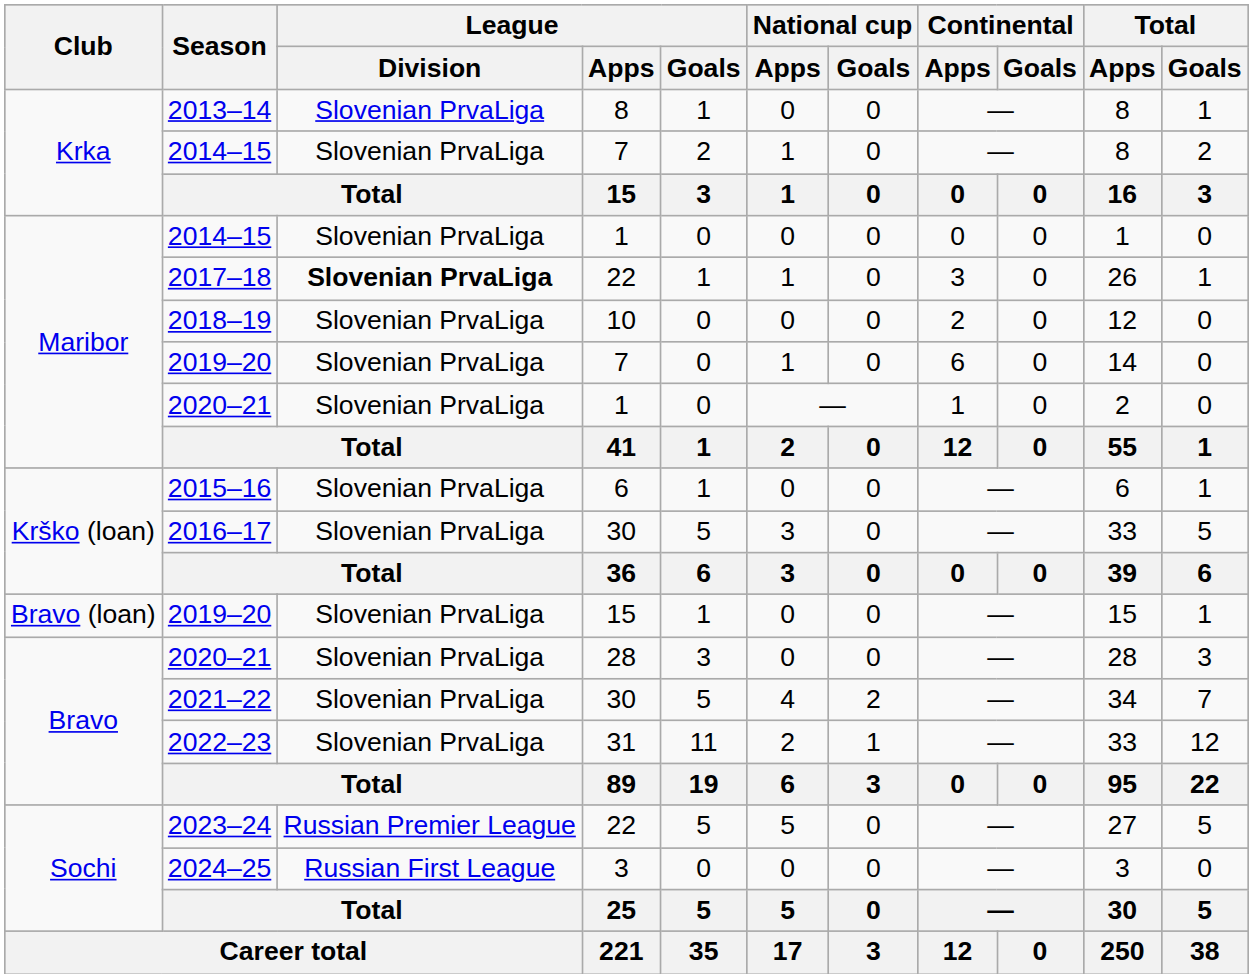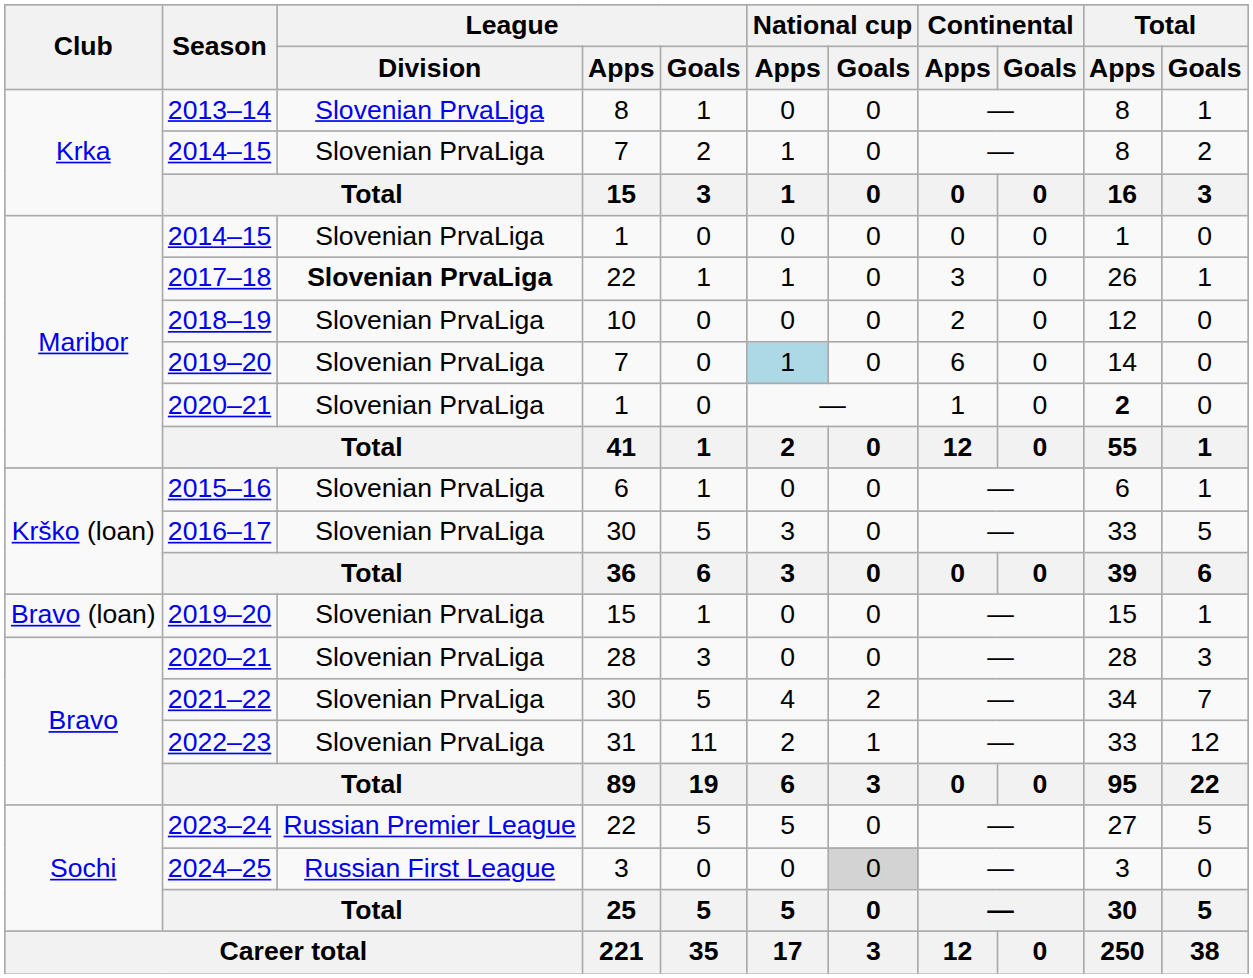 <table class="wikitable" style="text-align: center;">
 <tr>
 <th rowspan=2>Club</th>
 <th rowspan=2>Season</th>
 <th colspan=3>League</th>
 <th colspan=2>National cup</th>
 <th colspan=2>Continental</th>
 <th colspan=2>Total</th>
 </tr>
 <tr>
 <th>Division</th>
 <th>Apps</th>
 <th>Goals</th>
 <th>Apps</th>
 <th>Goals</th>
 <th>Apps</th>
 <th>Goals</th>
 <th>Apps</th>
 <th>Goals</th>
 </tr>
 <tr>
 <td rowspan="3"><a href='#'>Krka</a></td>
 <td><a href='#'>2013–14</a></td>
 <td><a href='#'>Slovenian PrvaLiga</a></td>
 <td>8</td>
 <td>1</td>
 <td>0</td>
 <td>0</td>
 <td colspan=2>—</td>
 <td>8</td>
 <td>1</td>
 </tr>
 <tr>
 <td><a href='#'>2014–15</a></td>
 <td>Slovenian PrvaLiga</td>
 <td>7</td>
 <td>2</td>
 <td>1</td>
 <td>0</td>
 <td colspan=2>—</td>
 <td>8</td>
 <td>2</td>
 </tr>
 <tr>
 <th colspan=2>Total</th>
 <th>15</th>
 <th>3</th>
 <th>1</th>
 <th>0</th>
 <th>0</th>
 <th>0</th>
 <th>16</th>
 <th>3</th>
 </tr>
 <tr>
 <td rowspan="6"><a href='#'>Maribor</a></td>
 <td><a href='#'>2014–15</a></td>
 <td>Slovenian PrvaLiga</td>
 <td>1</td>
 <td>0</td>
 <td>0</td>
 <td>0</td>
 <td>0</td>
 <td>0</td>
 <td>1</td>
 <td>0</td>
 </tr>
 <tr>
 <td><a href='#'>2017–18</a></td>
 <td><strong>Slovenian PrvaLiga</strong></td>
 <td>22</td>
 <td>1</td>
 <td>1</td>
 <td>0</td>
 <td>3</td>
 <td>0</td>
 <td>26</td>
 <td>1</td>
 </tr>
 <tr>
 <td><a href='#'>2018–19</a></td>
 <td>Slovenian PrvaLiga</td>
 <td>10</td>
 <td>0</td>
 <td>0</td>
 <td>0</td>
 <td>2</td>
 <td>0</td>
 <td>12</td>
 <td>0</td>
 </tr>
 <tr>
 <td><a href='#'>2019–20</a></td>
 <td>Slovenian PrvaLiga</td>
 <td>7</td>
 <td>0</td>
-<td>1</td>
+<td style="background: lightblue;">1</td>
 <td>0</td>
 <td>6</td>
 <td>0</td>
 <td>14</td>
 <td>0</td>
 </tr>
 <tr>
 <td><a href='#'>2020–21</a></td>
 <td>Slovenian PrvaLiga</td>
 <td>1</td>
 <td>0</td>
 <td colspan=2>—</td>
 <td>1</td>
 <td>0</td>
-<td>2</td>
+<td><strong>2</strong></td>
 <td>0</td>
 </tr>
 <tr>
 <th colspan=2>Total</th>
 <th>41</th>
 <th>1</th>
 <th>2</th>
 <th>0</th>
 <th>12</th>
 <th>0</th>
 <th>55</th>
 <th>1</th>
 </tr>
 <tr>
 <td rowspan="3"><a href='#'>Krško</a> (loan)</td>
 <td><a href='#'>2015–16</a></td>
 <td>Slovenian PrvaLiga</td>
 <td>6</td>
 <td>1</td>
 <td>0</td>
 <td>0</td>
 <td colspan=2>—</td>
 <td>6</td>
 <td>1</td>
 </tr>
 <tr>
 <td><a href='#'>2016–17</a></td>
 <td>Slovenian PrvaLiga</td>
 <td>30</td>
 <td>5</td>
 <td>3</td>
 <td>0</td>
 <td colspan=2>—</td>
 <td>33</td>
 <td>5</td>
 </tr>
 <tr>
 <th colspan=2>Total</th>
 <th>36</th>
 <th>6</th>
 <th>3</th>
 <th>0</th>
 <th>0</th>
 <th>0</th>
 <th>39</th>
 <th>6</th>
 </tr>
 <tr>
 <td><a href='#'>Bravo</a> (loan)</td>
 <td><a href='#'>2019–20</a></td>
 <td>Slovenian PrvaLiga</td>
 <td>15</td>
 <td>1</td>
 <td>0</td>
 <td>0</td>
 <td colspan=2>—</td>
 <td>15</td>
 <td>1</td>
 </tr>
 <tr>
 <td rowspan="4"><a href='#'>Bravo</a></td>
 <td><a href='#'>2020–21</a></td>
 <td>Slovenian PrvaLiga</td>
 <td>28</td>
 <td>3</td>
 <td>0</td>
 <td>0</td>
 <td colspan=2>—</td>
 <td>28</td>
 <td>3</td>
 </tr>
 <tr>
 <td><a href='#'>2021–22</a></td>
 <td>Slovenian PrvaLiga</td>
 <td>30</td>
 <td>5</td>
 <td>4</td>
 <td>2</td>
 <td colspan=2>—</td>
 <td>34</td>
 <td>7</td>
 </tr>
 <tr>
 <td><a href='#'>2022–23</a></td>
 <td>Slovenian PrvaLiga</td>
 <td>31</td>
 <td>11</td>
 <td>2</td>
 <td>1</td>
 <td colspan=2>—</td>
 <td>33</td>
 <td>12</td>
 </tr>
 <tr>
 <th colspan=2>Total</th>
 <th>89</th>
 <th>19</th>
 <th>6</th>
 <th>3</th>
 <th>0</th>
 <th>0</th>
 <th>95</th>
 <th>22</th>
 </tr>
 <tr>
 <td rowspan="3"><a href='#'>Sochi</a></td>
 <td><a href='#'>2023–24</a></td>
 <td><a href='#'>Russian Premier League</a></td>
 <td>22</td>
 <td>5</td>
 <td>5</td>
 <td>0</td>
 <td colspan=2>—</td>
 <td>27</td>
 <td>5</td>
 </tr>
 <tr>
 <td><a href='#'>2024–25</a></td>
 <td><a href='#'>Russian First League</a></td>
 <td>3</td>
 <td>0</td>
 <td>0</td>
-<td>0</td>
+<td style="background: lightgrey;">0</td>
 <td colspan="2">—</td>
 <td>3</td>
 <td>0</td>
 </tr>
 <tr>
 <th colspan="2">Total</th>
 <th>25</th>
 <th>5</th>
 <th>5</th>
 <th>0</th>
 <th colspan="2">—</th>
 <th>30</th>
 <th>5</th>
 </tr>
 <tr>
 <th colspan="3">Career total</th>
 <th>221</th>
 <th>35</th>
 <th>17</th>
 <th>3</th>
 <th>12</th>
 <th>0</th>
 <th>250</th>
 <th>38</th>
 </tr>
 </table>
